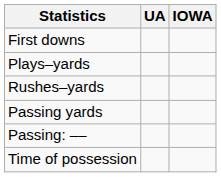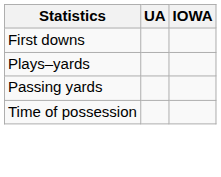 <table class="wikitable" style="float:left">
 <tr>
 <th>Statistics</th>
 <th>UA</th>
 <th>IOWA</th>
 </tr>
 <tr>
 <td>First downs</td>
 <td></td>
 <td></td>
 </tr>
 <tr>
 <td>Plays–yards</td>
 <td></td>
 <td></td>
 </tr>
 <tr>
-<td>Rushes–yards</td>
-<td></td>
-<td></td>
-</tr>
-<tr>
 <td>Passing yards</td>
-<td></td>
-<td></td>
-</tr>
-<tr>
-<td>Passing: ––</td>
 <td></td>
 <td></td>
 </tr>
 <tr>
 <td>Time of possession</td>
 <td></td>
 <td></td>
 </tr>
 </table>
